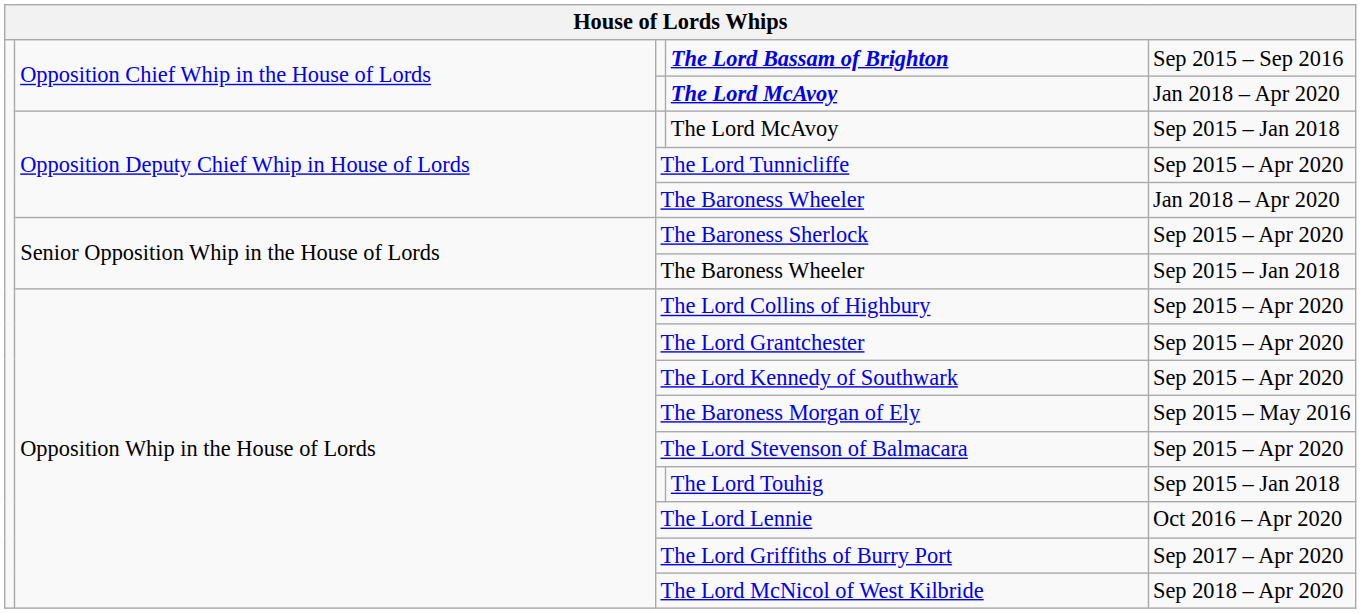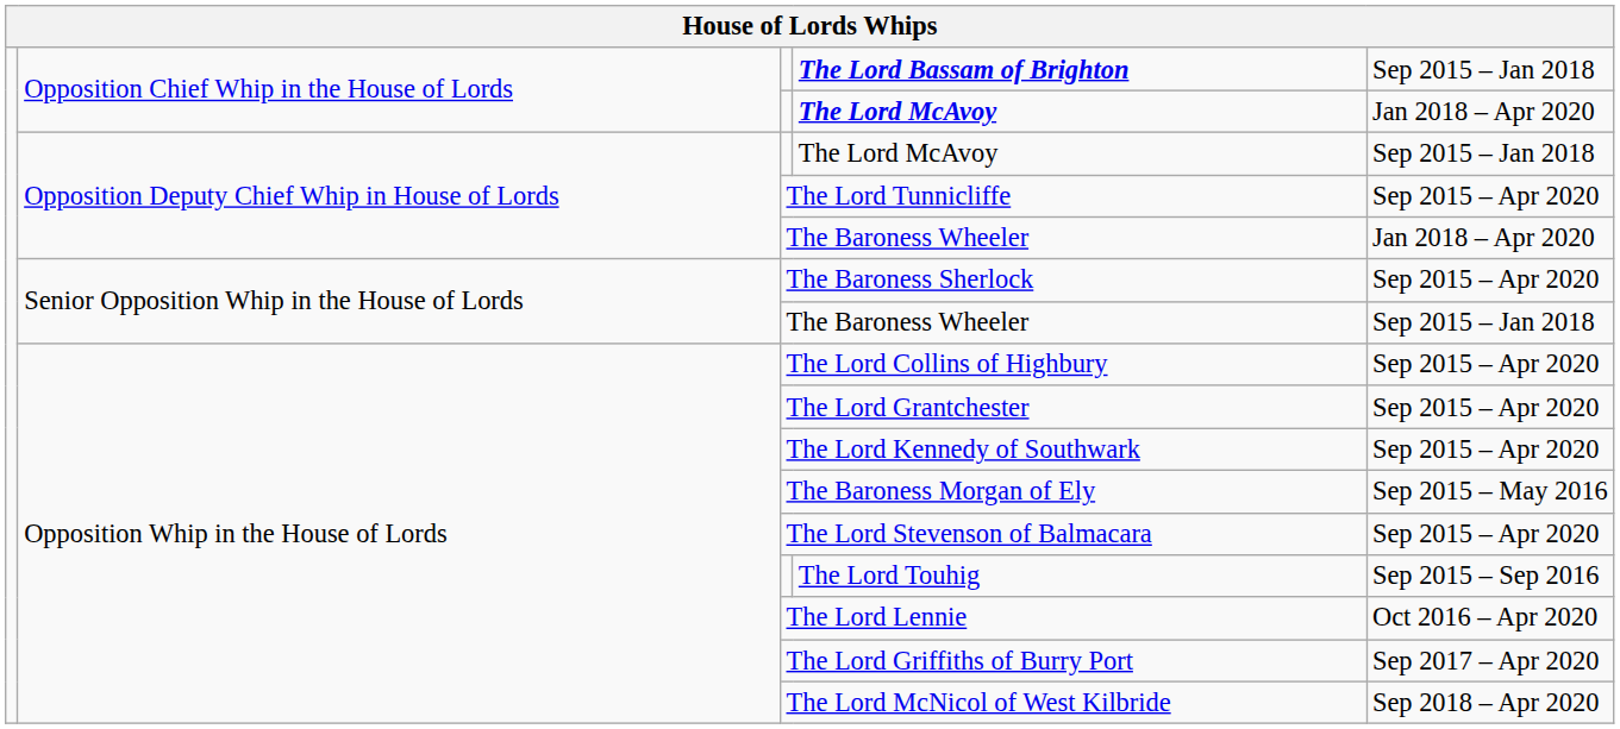 <table class="wikitable">
 <tr>
 <th colspan="5">House of Lords Whips</th>
 </tr>
 <tr>
 <td rowspan="16" style="background: "></td>
 <td rowspan="2" style="width: 450px;"><a href='#'>Opposition Chief Whip in the House of Lords</a></td>
 <td style="background: "></td>
 <td style="width: 337px;"><strong><em><a href='#'>The Lord Bassam of Brighton</a></em></strong></td>
-<td>Sep 2015 – Sep 2016</td>
+<td>Sep 2015 – Jan 2018</td>
 </tr>
 <tr>
 <td style="background: "></td>
 <td><strong><em><a href='#'>The Lord McAvoy</a></em></strong></td>
 <td>Jan 2018 – Apr 2020</td>
 </tr>
 <tr>
 <td rowspan="3"><a href='#'>Opposition Deputy Chief Whip in House of Lords</a></td>
 <td style="background: "></td>
 <td>The Lord McAvoy</td>
 <td>Sep 2015 – Jan 2018</td>
 </tr>
 <tr>
 <td colspan="2"><a href='#'>The Lord Tunnicliffe</a></td>
 <td>Sep 2015 – Apr 2020</td>
 </tr>
 <tr>
 <td colspan="2"><a href='#'>The Baroness Wheeler</a></td>
 <td>Jan 2018 – Apr 2020</td>
 </tr>
 <tr>
 <td rowspan="2">Senior Opposition Whip in the House of Lords</td>
 <td colspan="2"><a href='#'>The Baroness Sherlock</a></td>
 <td>Sep 2015 – Apr 2020</td>
 </tr>
 <tr>
 <td colspan="2">The Baroness Wheeler</td>
 <td>Sep 2015 – Jan 2018</td>
 </tr>
 <tr>
 <td rowspan="9">Opposition Whip in the House of Lords</td>
 <td colspan="2"><a href='#'>The Lord Collins of Highbury</a></td>
 <td>Sep 2015 – Apr 2020</td>
 </tr>
 <tr>
 <td colspan="2"><a href='#'>The Lord Grantchester</a></td>
 <td>Sep 2015 – Apr 2020</td>
 </tr>
 <tr>
 <td colspan="2"><a href='#'>The Lord Kennedy of Southwark</a></td>
 <td>Sep 2015 – Apr 2020</td>
 </tr>
 <tr>
 <td colspan="2"><a href='#'>The Baroness Morgan of Ely</a></td>
 <td>Sep 2015 – May 2016</td>
 </tr>
 <tr>
 <td colspan="2"><a href='#'>The Lord Stevenson of Balmacara</a></td>
 <td>Sep 2015 – Apr 2020</td>
 </tr>
 <tr>
 <td style="background: "></td>
 <td><a href='#'>The Lord Touhig</a></td>
-<td>Sep 2015 – Jan 2018</td>
+<td>Sep 2015 – Sep 2016</td>
 </tr>
 <tr>
 <td colspan="2"><a href='#'>The Lord Lennie</a></td>
 <td>Oct 2016 – Apr 2020</td>
 </tr>
 <tr>
 <td colspan="2"><a href='#'>The Lord Griffiths of Burry Port</a></td>
 <td>Sep 2017 – Apr 2020</td>
 </tr>
 <tr>
 <td colspan="2"><a href='#'>The Lord McNicol of West Kilbride</a></td>
 <td>Sep 2018 – Apr 2020</td>
 </tr>
 </table>
